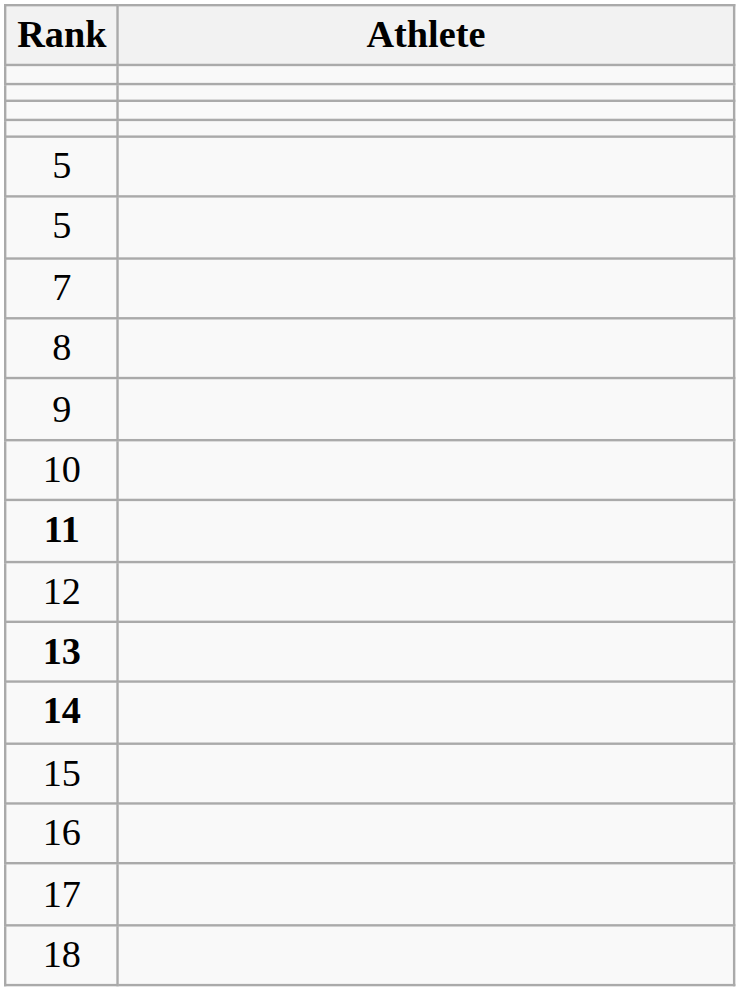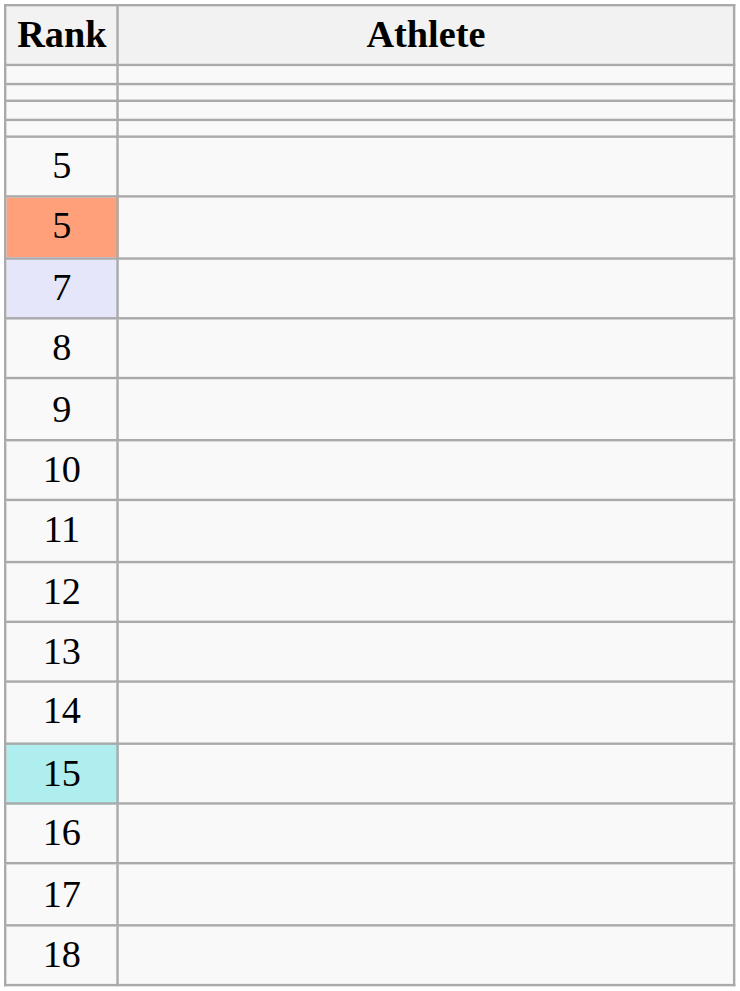 <table class="wikitable" style="text-align: center;">
 <tr>
 <th width=40>Rank</th>
 <th width=250>Athlete</th>
 </tr>
 <tr>
 <td></td>
 <td align="left"></td>
 </tr>
 <tr>
 <td></td>
 <td align="left"></td>
 </tr>
 <tr>
 <td></td>
 <td align="left"></td>
 </tr>
 <tr>
 <td></td>
 <td align="left"></td>
 </tr>
 <tr>
 <td>5</td>
 <td align="left"></td>
 </tr>
 <tr>
-<td>5</td>
+<td style="background: lightsalmon;">5</td>
 <td align="left"></td>
 </tr>
 <tr>
-<td>7</td>
+<td style="background: lavender;">7</td>
 <td align="left"></td>
 </tr>
 <tr>
 <td>8</td>
 <td align="left"></td>
 </tr>
 <tr>
 <td>9</td>
 <td align="left"></td>
 </tr>
 <tr>
 <td>10</td>
 <td align="left"></td>
 </tr>
 <tr>
-<td><strong>11</strong></td>
+<td>11</td>
 <td align="left"></td>
 </tr>
 <tr>
 <td>12</td>
 <td align="left"></td>
 </tr>
 <tr>
-<td><strong>13</strong></td>
+<td>13</td>
 <td align="left"></td>
 </tr>
 <tr>
-<td><strong>14</strong></td>
+<td>14</td>
 <td align="left"></td>
 </tr>
 <tr>
-<td>15</td>
+<td style="background: paleturquoise;">15</td>
 <td align="left"></td>
 </tr>
 <tr>
 <td>16</td>
 <td align="left"></td>
 </tr>
 <tr>
 <td>17</td>
 <td align="left"></td>
 </tr>
 <tr>
 <td>18</td>
 <td align="left"></td>
 </tr>
 </table>
